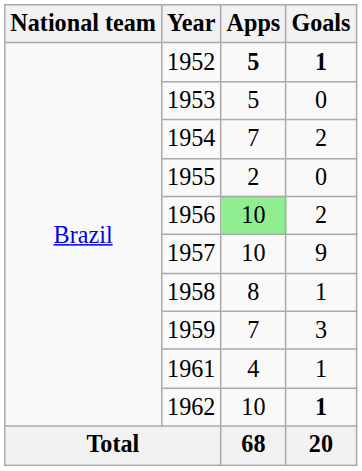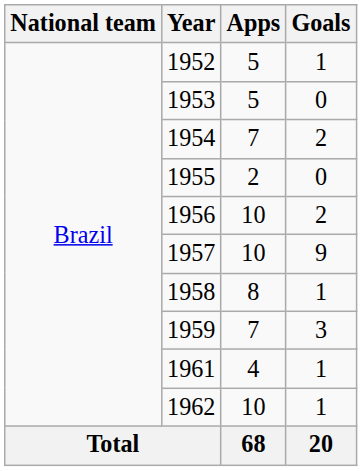 <table class="wikitable" style="text-align:center">
 <tr>
 <th>National team</th>
 <th>Year</th>
 <th>Apps</th>
 <th>Goals</th>
 </tr>
 <tr>
 <td rowspan="10"><a href='#'>Brazil</a></td>
 <td>1952</td>
-<td><strong>5</strong></td>
-<td><strong>1</strong></td>
+<td>5</td>
+<td>1</td>
 </tr>
 <tr>
 <td>1953</td>
 <td>5</td>
 <td>0</td>
 </tr>
 <tr>
 <td>1954</td>
 <td>7</td>
 <td>2</td>
 </tr>
 <tr>
 <td>1955</td>
 <td>2</td>
 <td>0</td>
 </tr>
 <tr>
 <td>1956</td>
-<td style="background: lightgreen;">10</td>
+<td>10</td>
 <td>2</td>
 </tr>
 <tr>
 <td>1957</td>
 <td>10</td>
 <td>9</td>
 </tr>
 <tr>
 <td>1958</td>
 <td>8</td>
 <td>1</td>
 </tr>
 <tr>
 <td>1959</td>
 <td>7</td>
 <td>3</td>
 </tr>
 <tr>
 <td>1961</td>
 <td>4</td>
 <td>1</td>
 </tr>
 <tr>
 <td>1962</td>
 <td>10</td>
-<td><strong>1</strong></td>
+<td>1</td>
 </tr>
 <tr>
 <th colspan="2">Total</th>
 <th>68</th>
 <th>20</th>
 </tr>
 </table>
